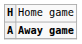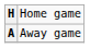 <table class="wikitable plainrowheaders" style="font-size:90%;">
 <tr>
 <th scope=row><strong>H</strong></th>
 <td>Home game</td>
 </tr>
 <tr>
 <th scope=row><strong>A</strong></th>
-<td><strong>Away game</strong></td>
+<td>Away game</td>
 </tr>
 <tr>
 </tr>
 </table>
